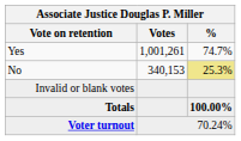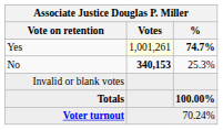 <table class="wikitable" style="font-size: 95%;">
 <tr style="background-color:#E9E9E9">
 <th colspan=7>Associate Justice Douglas P. Miller</th>
 </tr>
 <tr style="background-color:#E9E9E9">
 <th style="width: 170px">Vote on retention</th>
 <th style="width: 50px">Votes</th>
 <th style="width: 40px">%</th>
 </tr>
 <tr>
 <td>Yes</td>
-<td align="right">1,001,261</td>
-<td align="right">74.7%</td>
+<td align="right" style="background: lightyellow;">1,001,261</td>
+<td align="right"><strong>74.7%</strong></td>
 </tr>
 <tr>
 <td>No</td>
-<td align="right">340,153</td>
-<td align="right" style="background: khaki;">25.3%</td>
+<td align="right"><strong>340,153</strong></td>
+<td align="right">25.3%</td>
 </tr>
 <tr bgcolor="#EEEEEE">
 <td align="right">Invalid or blank votes</td>
 <td align="right"></td>
 <td align="right"></td>
 </tr>
 <tr bgcolor="#EEEEEE">
 <td align="right"><strong>Totals</strong></td>
 <td align="right"><strong></strong></td>
 <td align="right"><strong>100.00%</strong></td>
 </tr>
 <tr bgcolor="#EEEEEE">
 <td align="right"><strong><a href='#'>Voter turnout</a></strong></td>
 <td colspan="2" align="right">70.24%</td>
 </tr>
 </table>
